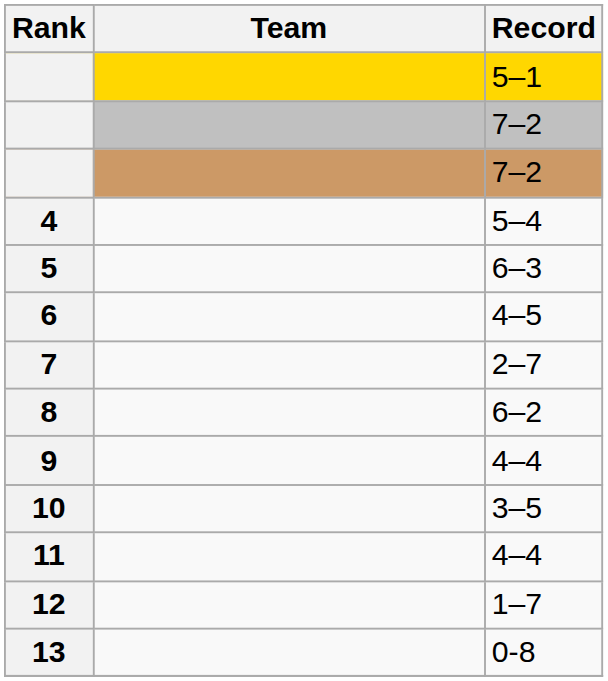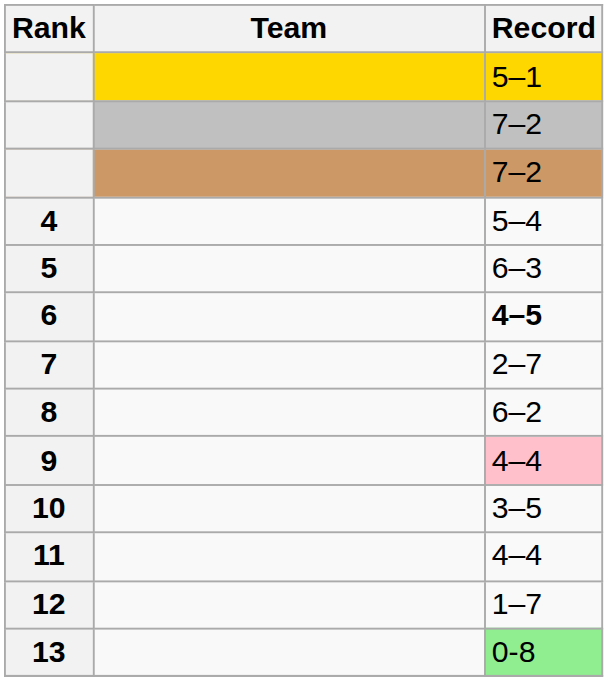 <table class="wikitable">
 <tr>
 <th>Rank</th>
 <th width=200px>Team</th>
 <th>Record</th>
 </tr>
 <tr bgcolor=gold>
 <th></th>
 <td></td>
 <td>5–1</td>
 </tr>
 <tr bgcolor=silver>
 <th></th>
 <td></td>
 <td>7–2</td>
 </tr>
 <tr bgcolor=cc9966>
 <th></th>
 <td></td>
 <td>7–2</td>
 </tr>
 <tr>
 <th>4</th>
 <td></td>
 <td>5–4</td>
 </tr>
 <tr>
 <th>5</th>
 <td></td>
 <td>6–3</td>
 </tr>
 <tr>
 <th>6</th>
 <td></td>
-<td>4–5</td>
+<td><strong>4–5</strong></td>
 </tr>
 <tr>
 <th>7</th>
 <td></td>
 <td>2–7</td>
 </tr>
 <tr>
 <th>8</th>
 <td></td>
 <td>6–2</td>
 </tr>
 <tr>
 <th>9</th>
 <td></td>
-<td>4–4</td>
+<td style="background: pink;">4–4</td>
 </tr>
 <tr>
 <th>10</th>
 <td></td>
 <td>3–5</td>
 </tr>
 <tr>
 <th>11</th>
 <td></td>
 <td>4–4</td>
 </tr>
 <tr>
 <th>12</th>
 <td></td>
 <td>1–7</td>
 </tr>
 <tr>
 <th>13</th>
 <td></td>
-<td>0-8</td>
+<td style="background: lightgreen;">0-8</td>
 </tr>
 <tr>
 </tr>
 </table>
